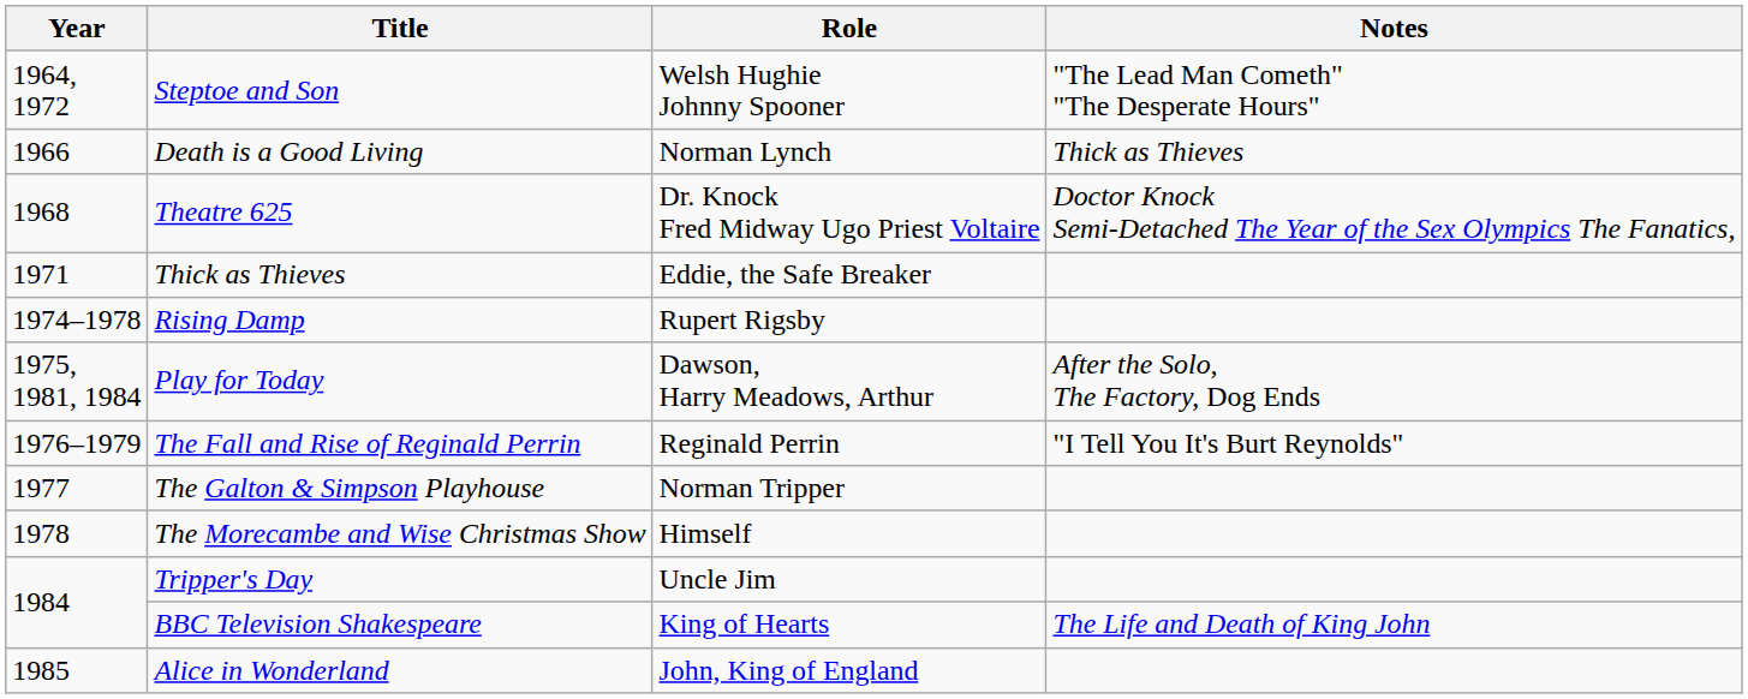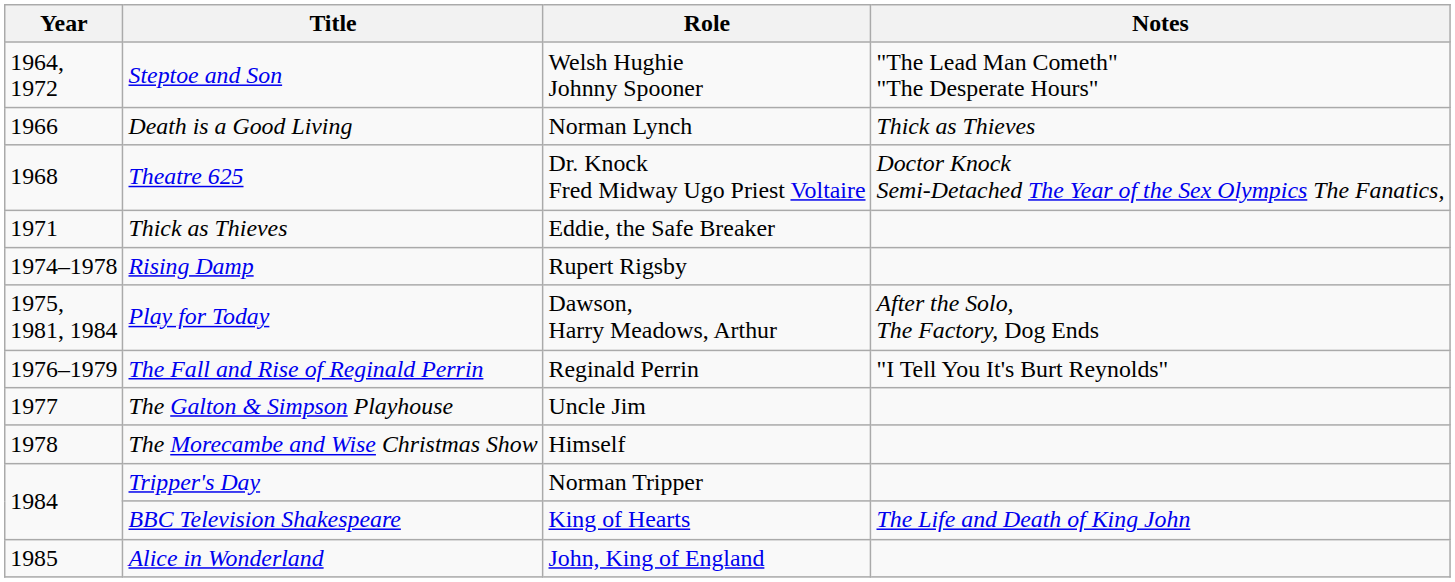 <table class="wikitable">
 <tr>
 <th>Year</th>
 <th>Title</th>
 <th>Role</th>
 <th>Notes</th>
 </tr>
 <tr>
 <td>1964,<br>1972</td>
 <td><em><a href='#'>Steptoe and Son</a></em></td>
 <td>Welsh Hughie<br>Johnny Spooner</td>
 <td>"The Lead Man Cometh"<br>"The Desperate Hours"</td>
 </tr>
 <tr>
 <td>1966</td>
 <td><em>Death is a Good Living</em></td>
 <td>Norman Lynch</td>
 <td><em>Thick as Thieves </em></td>
 </tr>
 <tr>
 <td>1968</td>
 <td><em><a href='#'>Theatre 625</a></em></td>
 <td>Dr. Knock<br>Fred Midway Ugo Priest <a href='#'>Voltaire</a></td>
 <td><em>Doctor Knock</em><br><em>Semi-Detached</em> <em><a href='#'>The Year of the Sex Olympics</a></em> <em>The Fanatics,</em></td>
 </tr>
 <tr>
 <td>1971</td>
 <td><em>Thick as Thieves </em></td>
 <td>Eddie, the Safe Breaker</td>
 <td></td>
 </tr>
 <tr>
 <td>1974–1978</td>
 <td><em><a href='#'>Rising Damp</a></em></td>
 <td>Rupert Rigsby</td>
 <td></td>
 </tr>
 <tr>
 <td>1975,<br>1981, 1984</td>
 <td><em><a href='#'>Play for Today</a></em></td>
 <td>Dawson,<br>Harry Meadows, Arthur</td>
 <td><em>After the Solo,</em><br><em>The Factory,</em> Dog Ends</td>
 </tr>
 <tr>
 <td>1976–1979</td>
 <td><em><a href='#'>The Fall and Rise of Reginald Perrin</a></em></td>
 <td>Reginald Perrin</td>
 <td>"I Tell You It's Burt Reynolds"</td>
 </tr>
 <tr>
 <td>1977</td>
 <td><em>The <a href='#'>Galton & Simpson</a> Playhouse</em></td>
-<td>Norman Tripper</td>
+<td>Uncle Jim</td>
 <td></td>
 </tr>
 <tr>
 <td>1978</td>
 <td><em>The <a href='#'>Morecambe and Wise</a> Christmas Show</em></td>
 <td>Himself</td>
 <td></td>
 </tr>
 <tr>
 <td rowspan="2">1984</td>
 <td><em><a href='#'>Tripper's Day</a></em></td>
-<td>Uncle Jim</td>
+<td>Norman Tripper</td>
 <td></td>
 </tr>
 <tr>
 <td><em><a href='#'>BBC Television Shakespeare</a></em></td>
 <td><a href='#'>King of Hearts</a></td>
 <td><em><a href='#'>The Life and Death of King John</a></em></td>
 </tr>
 <tr>
 <td>1985</td>
 <td><a href='#'><em>Alice in Wonderland</em></a></td>
 <td><a href='#'>John, King of England</a></td>
 <td></td>
 </tr>
 </table>
